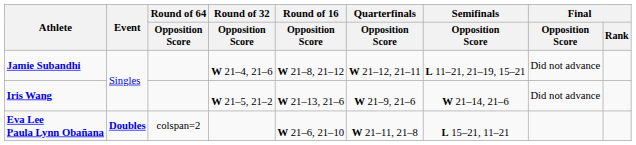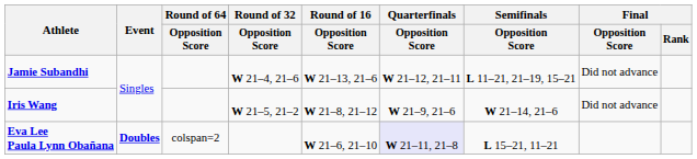 <table class=wikitable style="font-size:90%">
 <tr>
 <th rowspan=2>Athlete</th>
 <th rowspan=2>Event</th>
 <th>Round of 64</th>
 <th>Round of 32</th>
 <th>Round of 16</th>
 <th>Quarterfinals</th>
 <th>Semifinals</th>
 <th colspan=2>Final</th>
 </tr>
 <tr style="font-size:95%">
 <th>Opposition<br>Score</th>
 <th>Opposition<br>Score</th>
 <th>Opposition<br>Score</th>
 <th>Opposition<br>Score</th>
 <th>Opposition<br>Score</th>
 <th>Opposition<br>Score</th>
 <th>Rank</th>
 </tr>
 <tr align=center>
 <td align=left><strong><a href='#'>Jamie Subandhi</a></strong></td>
 <td align=left rowspan=2><a href='#'>Singles</a></td>
 <td></td>
 <td><br><strong>W</strong> 21–4, 21–6</td>
-<td><br><strong>W</strong> 21–8, 21–12</td>
+<td><br><strong>W</strong> 21–13, 21–6</td>
 <td><br><strong>W</strong> 21–12, 21–11</td>
 <td><br><strong>L</strong> 11–21, 21–19, 15–21</td>
 <td>Did not advance</td>
 <td></td>
 </tr>
 <tr align=center>
 <td align=left><strong><a href='#'>Iris Wang</a></strong></td>
 <td></td>
 <td><br><strong>W</strong> 21–5, 21–2</td>
-<td><br><strong>W</strong> 21–13, 21–6</td>
+<td><br><strong>W</strong> 21–8, 21–12</td>
 <td><br><strong>W</strong> 21–9, 21–6</td>
 <td><br><strong>W</strong> 21–14, 21–6</td>
 <td>Did not advance</td>
 <td></td>
 </tr>
 <tr align=center>
 <td align=left><strong><a href='#'>Eva Lee</a><br><a href='#'>Paula Lynn Obañana</a></strong></td>
 <td align=left><strong><a href='#'>Doubles</a></strong></td>
 <td>colspan=2 </td>
 <td></td>
 <td><br><strong>W</strong> 21–6, 21–10</td>
-<td><br><strong>W</strong> 21–11, 21–8</td>
+<td style="background: lavender;"><br><strong>W</strong> 21–11, 21–8</td>
 <td><br><strong>L</strong> 15–21, 11–21</td>
 <td></td>
 </tr>
 </table>
